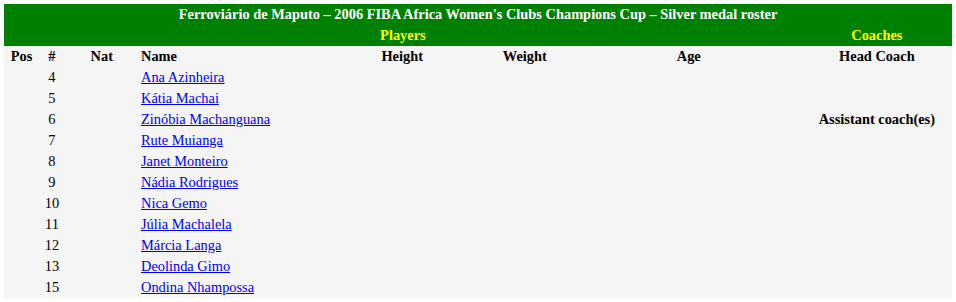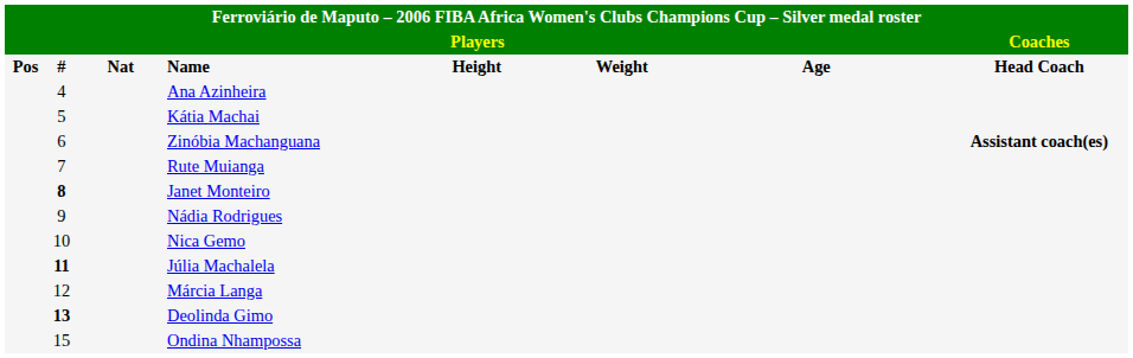 <table border=0 cellpadding=2 cellspacing=0  |- bgcolor=#f5f5f5 style="text-align:center; font-size:90%;" width=75%>
 <tr>
 <td colspan="8" style="background: green; color: white"><strong>Ferroviário de Maputo – 2006 FIBA Africa Women's Clubs Champions Cup – Silver medal roster</strong></td>
 </tr>
 <tr>
 <td colspan="7" style="background: green; color: yellow"><strong>Players</strong></td>
 <td style="background: green; color: yellow"><strong>Coaches</strong></td>
 </tr>
 <tr style="background=#f5f5f5; color: black">
 <th width=5px>Pos</th>
 <th width=5px>#</th>
 <th width=50px>Nat</th>
 <th width=135px align=left>Name</th>
 <th width=100px>Height</th>
 <th width=70px>Weight</th>
 <th width=160px>Age</th>
 <th width=105px>Head Coach</th>
 </tr>
 <tr>
 <td></td>
 <td>4</td>
 <td></td>
 <td align=left><a href='#'>Ana Azinheira</a></td>
 <td></td>
 <td></td>
 <td><span></span></td>
 <td></td>
 </tr>
 <tr>
 <td></td>
 <td>5</td>
 <td></td>
 <td align=left><a href='#'>Kátia Machai</a></td>
 <td></td>
 <td></td>
 <td><span></span></td>
 </tr>
 <tr>
 <td></td>
 <td>6</td>
 <td></td>
 <td align=left><a href='#'>Zinóbia Machanguana</a></td>
 <td></td>
 <td></td>
 <td><span></span></td>
 <td><strong>Assistant coach(es)</strong></td>
 </tr>
 <tr>
 <td></td>
 <td>7</td>
 <td></td>
 <td align=left><a href='#'>Rute Muianga</a></td>
 <td></td>
 <td></td>
 <td><span></span></td>
 <td></td>
 </tr>
 <tr>
 <td></td>
-<td>8</td>
+<td><strong>8</strong></td>
 <td></td>
 <td align=left><a href='#'>Janet Monteiro</a></td>
 <td></td>
 <td></td>
 <td><span></span></td>
 <td></td>
 </tr>
 <tr>
 <td></td>
 <td>9</td>
 <td></td>
 <td align=left><a href='#'>Nádia Rodrigues</a></td>
 <td></td>
 <td></td>
 <td><span></span></td>
 </tr>
 <tr>
 <td></td>
 <td>10</td>
 <td></td>
 <td align=left><a href='#'>Nica Gemo</a></td>
 <td></td>
 <td></td>
 <td><span></span></td>
 </tr>
 <tr>
 <td></td>
-<td>11</td>
+<td><strong>11</strong></td>
 <td></td>
 <td align=left><a href='#'>Júlia Machalela</a></td>
 <td></td>
 <td></td>
 <td><span></span></td>
 </tr>
 <tr>
 <td></td>
 <td>12</td>
 <td></td>
 <td align=left><a href='#'>Márcia Langa</a></td>
 <td></td>
 <td></td>
 <td><span></span></td>
 </tr>
 <tr>
 <td></td>
-<td>13</td>
+<td><strong>13</strong></td>
 <td></td>
 <td align=left><a href='#'>Deolinda Gimo</a></td>
 <td></td>
 <td></td>
 <td><span></span></td>
 </tr>
 <tr>
 <td></td>
 <td>15</td>
 <td></td>
 <td align=left><a href='#'>Ondina Nhampossa</a></td>
 <td></td>
 <td></td>
 <td><span></span></td>
 </tr>
 </table>
